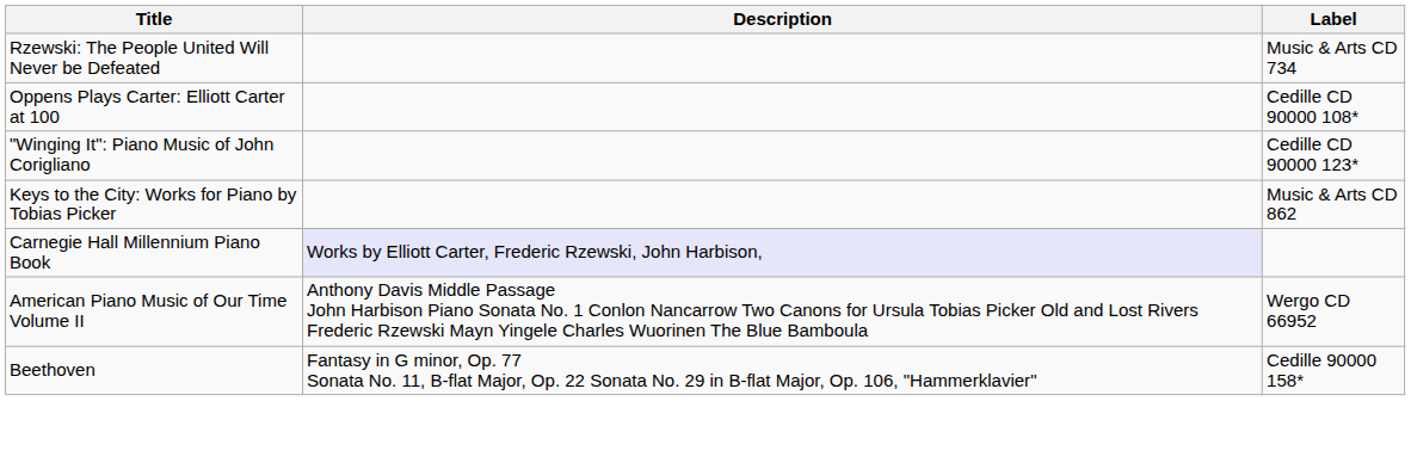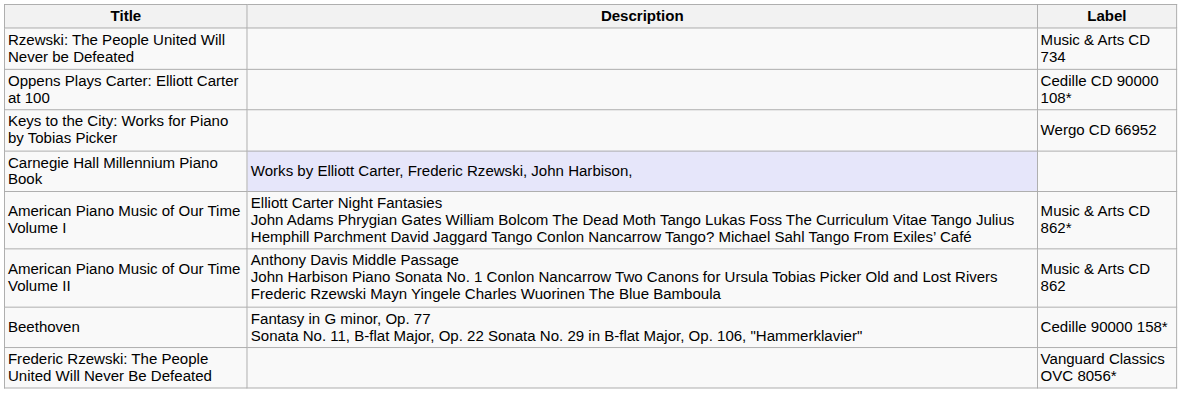 <table class="wikitable">
 <tr>
 <th>Title</th>
 <th>Description</th>
 <th>Label</th>
 </tr>
 <tr>
 <td>Rzewski: The People United Will Never be Defeated</td>
 <td></td>
 <td>Music & Arts CD 734</td>
 </tr>
 <tr>
 <td>Oppens Plays Carter: Elliott Carter at 100</td>
 <td></td>
 <td>Cedille CD 90000 108*</td>
 </tr>
 <tr>
-<td>"Winging It": Piano Music of John Corigliano</td>
-<td></td>
-<td>Cedille CD 90000 123*</td>
-</tr>
-<tr>
 <td>Keys to the City: Works for Piano by Tobias Picker</td>
 <td></td>
-<td>Music & Arts CD 862</td>
+<td>Wergo CD 66952</td>
 </tr>
 <tr>
 <td>Carnegie Hall Millennium Piano Book</td>
 <td style="background: lavender;">Works by Elliott Carter, Frederic Rzewski, John Harbison,<br></td>
 </tr>
 <tr>
+<td>American Piano Music of Our Time Volume I</td>
+<td>Elliott Carter   Night Fantasies<br>John Adams   Phrygian Gates William Bolcom  The Dead Moth Tango Lukas Foss   The Curriculum Vitae Tango Julius Hemphill   Parchment David Jaggard   Tango Conlon Nancarrow  Tango? Michael Sahl   Tango From Exiles’ Café</td>
+<td>Music & Arts CD 862*</td>
+</tr>
+<tr>
 <td>American Piano Music of Our Time Volume II</td>
 <td>Anthony Davis   Middle Passage<br>John Harbison   Piano Sonata No. 1 Conlon Nancarrow  Two Canons for Ursula Tobias Picker   Old and Lost Rivers Frederic Rzewski  Mayn Yingele Charles Wuorinen  The Blue Bamboula</td>
-<td>Wergo CD 66952</td>
+<td>Music & Arts CD 862</td>
 </tr>
 <tr>
 <td>Beethoven</td>
 <td>Fantasy in G minor, Op. 77<br>Sonata No. 11, B-flat Major, Op. 22 Sonata No. 29 in B-flat Major, Op. 106, "Hammerklavier"</td>
 <td>Cedille 90000 158*</td>
 </tr>
+<tr>
+<td>Frederic Rzewski: The People United Will Never Be Defeated</td>
+<td></td>
+<td>Vanguard Classics OVC 8056*</td>
+</tr>
 </table>
